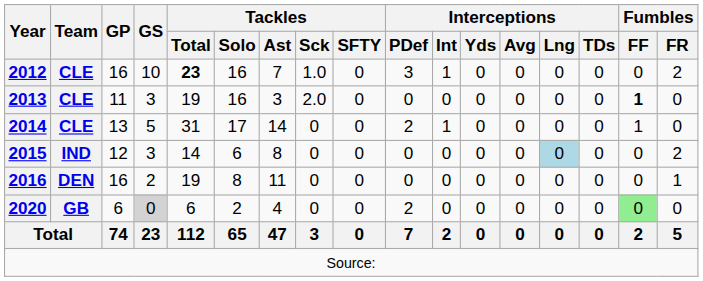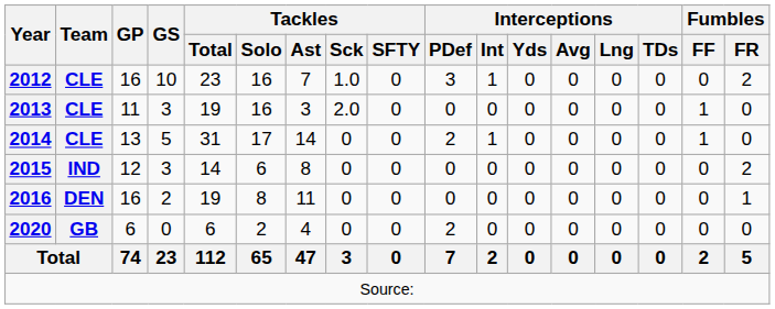 <table class="wikitable" style="text-align: center;">
 <tr>
 <th rowspan=2>Year</th>
 <th rowspan=2>Team</th>
 <th rowspan=2>GP</th>
 <th rowspan=2>GS</th>
 <th colspan=5>Tackles</th>
 <th colspan=6>Interceptions</th>
 <th colspan=2>Fumbles</th>
 </tr>
 <tr>
 <th>Total</th>
 <th>Solo</th>
 <th>Ast</th>
 <th>Sck</th>
 <th>SFTY</th>
 <th>PDef</th>
 <th>Int</th>
 <th>Yds</th>
 <th>Avg</th>
 <th>Lng</th>
 <th>TDs</th>
 <th>FF</th>
 <th>FR</th>
 </tr>
 <tr>
 <th><a href='#'>2012</a></th>
 <th><a href='#'>CLE</a></th>
 <td>16</td>
 <td>10</td>
-<td><strong>23</strong></td>
+<td>23</td>
 <td>16</td>
 <td>7</td>
 <td>1.0</td>
 <td>0</td>
 <td>3</td>
 <td>1</td>
 <td>0</td>
 <td>0</td>
 <td>0</td>
 <td>0</td>
 <td>0</td>
 <td>2</td>
 </tr>
 <tr>
 <th><a href='#'>2013</a></th>
 <th><a href='#'>CLE</a></th>
 <td>11</td>
 <td>3</td>
 <td>19</td>
 <td>16</td>
 <td>3</td>
 <td>2.0</td>
 <td>0</td>
 <td>0</td>
 <td>0</td>
 <td>0</td>
 <td>0</td>
 <td>0</td>
 <td>0</td>
-<td><strong>1</strong></td>
+<td>1</td>
 <td>0</td>
 </tr>
 <tr>
 <th><a href='#'>2014</a></th>
 <th><a href='#'>CLE</a></th>
 <td>13</td>
 <td>5</td>
 <td>31</td>
 <td>17</td>
 <td>14</td>
 <td>0</td>
 <td>0</td>
 <td>2</td>
 <td>1</td>
 <td>0</td>
 <td>0</td>
 <td>0</td>
 <td>0</td>
 <td>1</td>
 <td>0</td>
 </tr>
 <tr>
 <th><a href='#'>2015</a></th>
 <th><a href='#'>IND</a></th>
 <td>12</td>
 <td>3</td>
 <td>14</td>
 <td>6</td>
 <td>8</td>
 <td>0</td>
 <td>0</td>
 <td>0</td>
 <td>0</td>
 <td>0</td>
 <td>0</td>
-<td style="background: lightblue;">0</td>
+<td>0</td>
 <td>0</td>
 <td>0</td>
 <td>2</td>
 </tr>
 <tr>
 <th><a href='#'>2016</a></th>
 <th><a href='#'>DEN</a></th>
 <td>16</td>
 <td>2</td>
 <td>19</td>
 <td>8</td>
 <td>11</td>
 <td>0</td>
 <td>0</td>
 <td>0</td>
 <td>0</td>
 <td>0</td>
 <td>0</td>
 <td>0</td>
 <td>0</td>
 <td>0</td>
 <td>1</td>
 </tr>
 <tr>
 <th><a href='#'>2020</a></th>
 <th><a href='#'>GB</a></th>
 <td>6</td>
-<td style="background: lightgrey;">0</td>
+<td>0</td>
 <td>6</td>
 <td>2</td>
 <td>4</td>
 <td>0</td>
 <td>0</td>
 <td>2</td>
 <td>0</td>
 <td>0</td>
 <td>0</td>
 <td>0</td>
 <td>0</td>
-<td style="background: lightgreen;">0</td>
+<td>0</td>
 <td>0</td>
 </tr>
 <tr>
 <th colspan="2">Total</th>
 <th>74</th>
 <th>23</th>
 <th>112</th>
 <th>65</th>
 <th>47</th>
 <th>3</th>
 <th>0</th>
 <th>7</th>
 <th>2</th>
 <th>0</th>
 <th>0</th>
 <th>0</th>
 <th>0</th>
 <th>2</th>
 <th>5</th>
 </tr>
 <tr>
 <td colspan="17"><small>Source: </small></td>
 </tr>
 </table>
